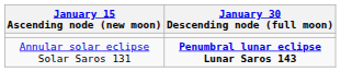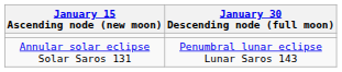 <table class="wikitable">
 <tr>
 <th><a href='#'>January 15</a><br>Ascending node (new moon)<br></th>
 <th><a href='#'>January 30</a><br>Descending node (full moon)<br></th>
 </tr>
 <tr>
 <td></td>
 <td></td>
 </tr>
 <tr align=center>
 <td><a href='#'>Annular solar eclipse</a><br>Solar Saros 131</td>
-<td><strong><a href='#'>Penumbral lunar eclipse</a><br>Lunar Saros 143</strong></td>
+<td><a href='#'>Penumbral lunar eclipse</a><br>Lunar Saros 143</td>
 </tr>
 </table>
